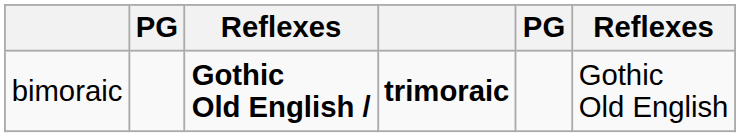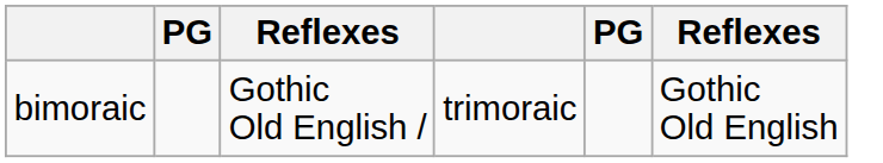 <table class="wikitable">
 <tr>
 <th></th>
 <th>PG</th>
 <th>Reflexes</th>
 <th></th>
 <th>PG</th>
 <th>Reflexes</th>
 </tr>
 <tr>
 <td>bimoraic</td>
 <td></td>
-<td><strong>Gothic <br>Old English /</strong></td>
-<td><strong>trimoraic</strong></td>
+<td>Gothic <br>Old English /</td>
+<td>trimoraic</td>
 <td></td>
 <td>Gothic <br>Old English </td>
 </tr>
 </table>
